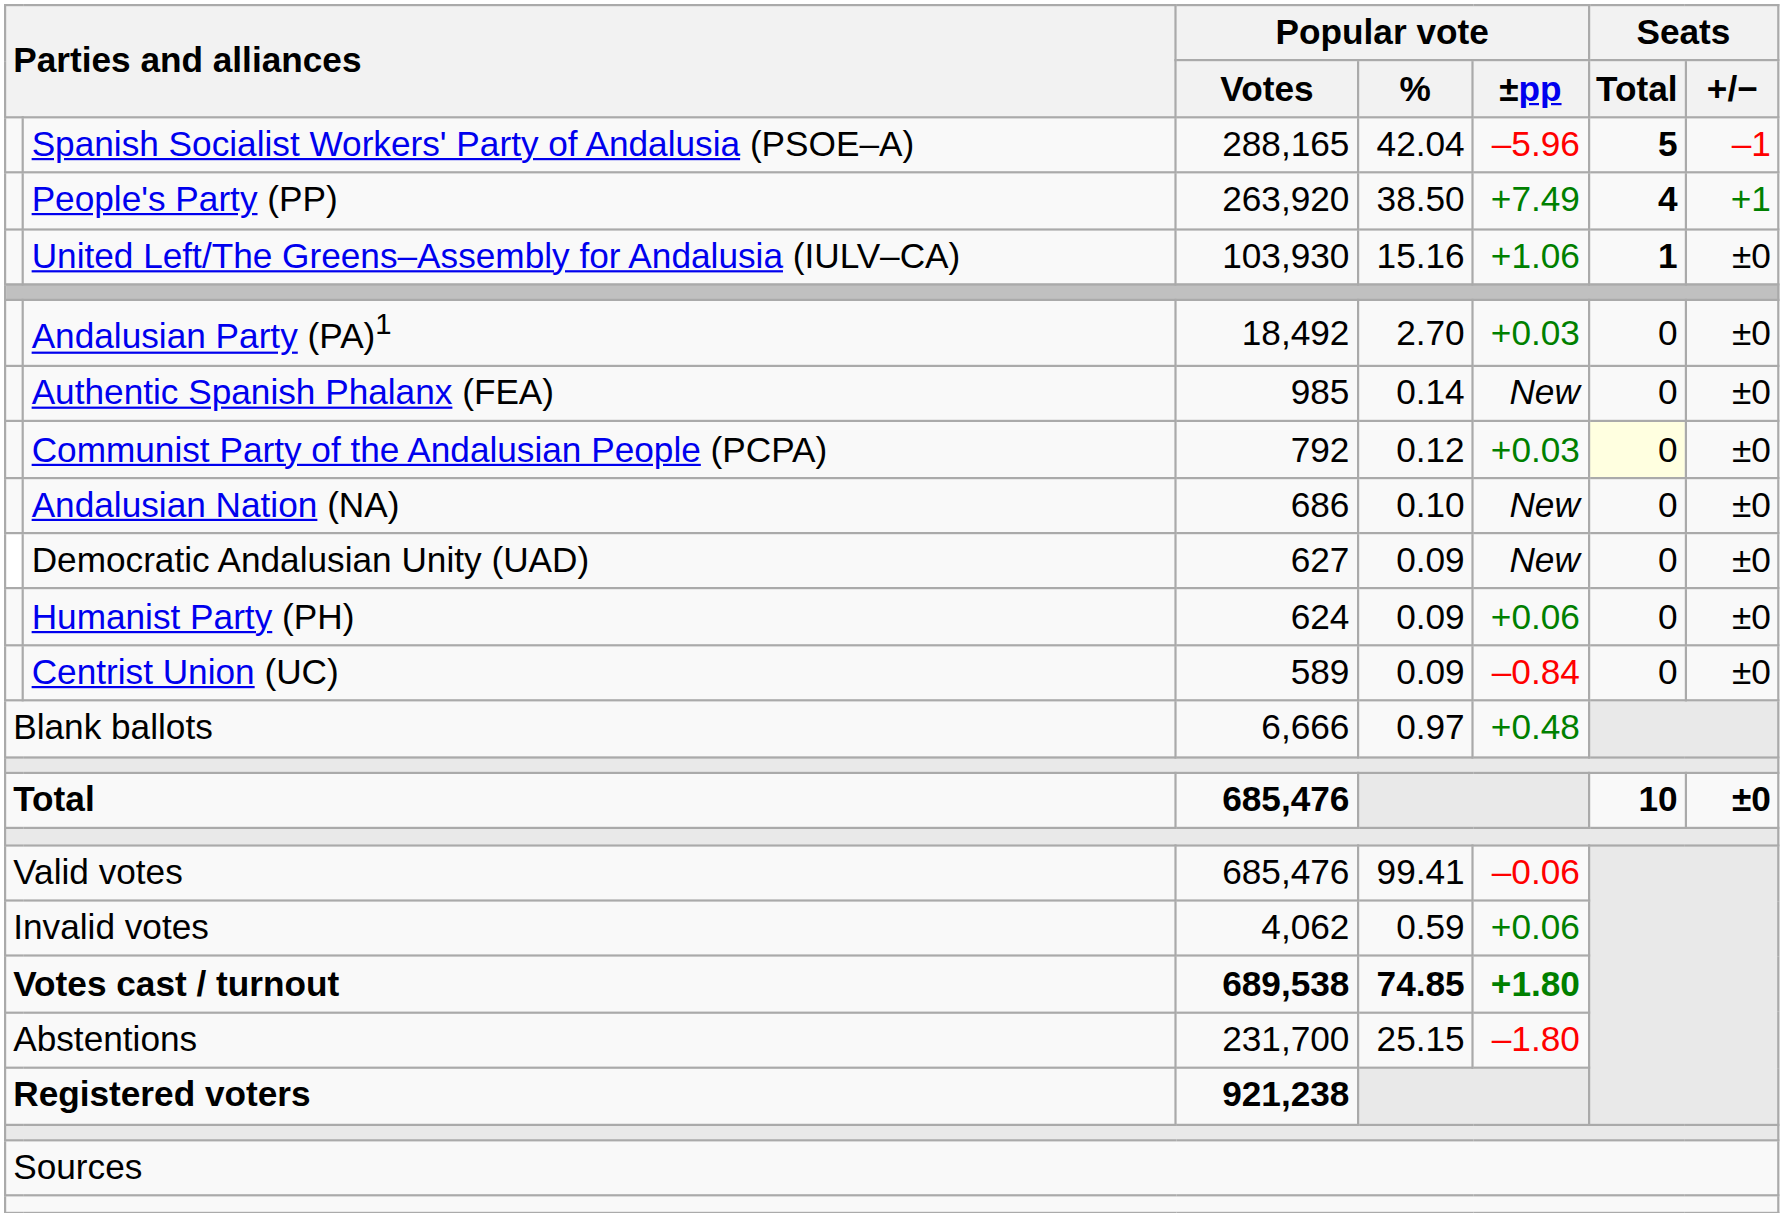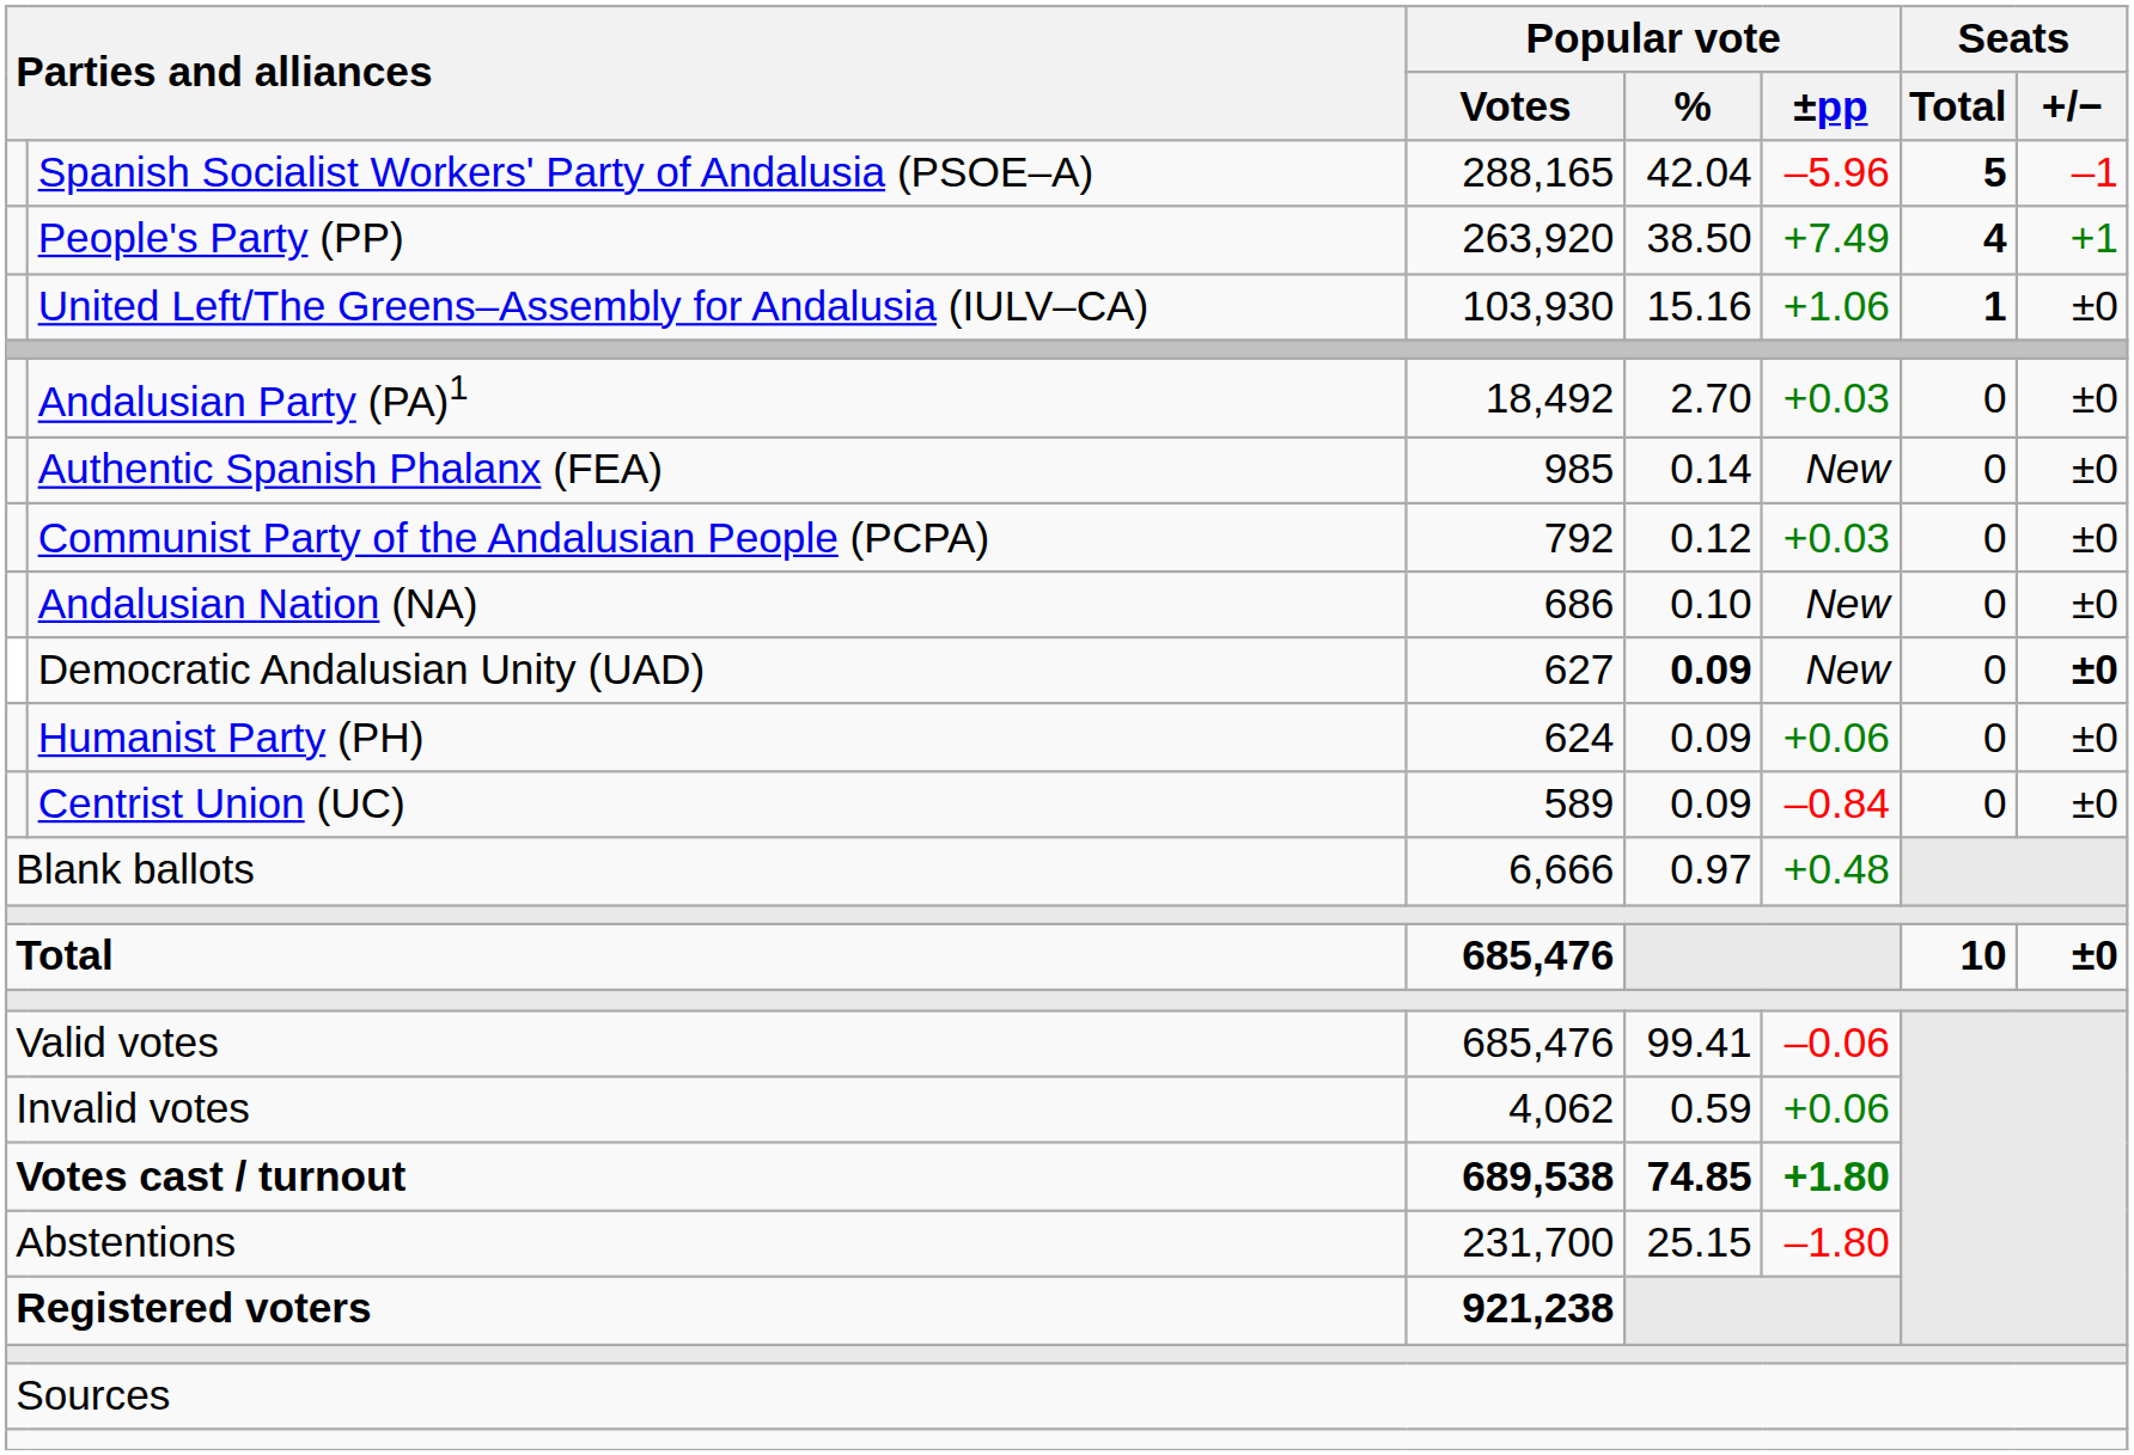 <table class="wikitable" style="text-align:right;">
 <tr>
 <th style="text-align:left;" rowspan="2" colspan="2" width="525">Parties and alliances</th>
 <th colspan="3">Popular vote</th>
 <th colspan="2">Seats</th>
 </tr>
 <tr>
 <th width="75">Votes</th>
 <th width="45">%</th>
 <th width="45">±<a href='#'>pp</a></th>
 <th width="35">Total</th>
 <th width="35">+/−</th>
 </tr>
 <tr>
 <td width="1" style="color:inherit;background:"></td>
 <td align="left"><a href='#'>Spanish Socialist Workers' Party of Andalusia</a> (PSOE–A)</td>
 <td>288,165</td>
 <td>42.04</td>
 <td style="color:red;">–5.96</td>
 <td><strong>5</strong></td>
 <td style="color:red;">–1</td>
 </tr>
 <tr>
 <td style="color:inherit;background:"></td>
 <td align="left"><a href='#'>People's Party</a> (PP)</td>
 <td>263,920</td>
 <td>38.50</td>
 <td style="color:green;">+7.49</td>
 <td><strong>4</strong></td>
 <td style="color:green;">+1</td>
 </tr>
 <tr>
 <td style="color:inherit;background:"></td>
 <td align="left"><a href='#'>United Left/The Greens–Assembly for Andalusia</a> (IULV–CA)</td>
 <td>103,930</td>
 <td>15.16</td>
 <td style="color:green;">+1.06</td>
 <td><strong>1</strong></td>
 <td>±0</td>
 </tr>
 <tr>
 <td colspan="7" bgcolor="#C0C0C0"></td>
 </tr>
 <tr>
 <td style="color:inherit;background:"></td>
 <td align="left"><a href='#'>Andalusian Party</a> (PA)<sup>1</sup></td>
 <td>18,492</td>
 <td>2.70</td>
 <td style="color:green;">+0.03</td>
 <td>0</td>
 <td>±0</td>
 </tr>
 <tr>
 <td style="color:inherit;background:"></td>
 <td align="left"><a href='#'>Authentic Spanish Phalanx</a> (FEA)</td>
 <td>985</td>
 <td>0.14</td>
 <td><em>New</em></td>
 <td>0</td>
 <td>±0</td>
 </tr>
 <tr>
 <td style="color:inherit;background:"></td>
 <td align="left"><a href='#'>Communist Party of the Andalusian People</a> (PCPA)</td>
 <td>792</td>
 <td>0.12</td>
 <td style="color:green;">+0.03</td>
-<td style="background: lightyellow;">0</td>
+<td>0</td>
 <td>±0</td>
 </tr>
 <tr>
 <td style="color:inherit;background:"></td>
 <td align="left"><a href='#'>Andalusian Nation</a> (NA)</td>
 <td>686</td>
 <td>0.10</td>
 <td><em>New</em></td>
 <td>0</td>
 <td>±0</td>
 </tr>
 <tr>
 <td bgcolor="white"></td>
 <td align="left">Democratic Andalusian Unity (UAD)</td>
 <td>627</td>
-<td>0.09</td>
+<td><strong>0.09</strong></td>
 <td><em>New</em></td>
 <td>0</td>
-<td>±0</td>
+<td><strong>±0</strong></td>
 </tr>
 <tr>
 <td style="color:inherit;background:"></td>
 <td align="left"><a href='#'>Humanist Party</a> (PH)</td>
 <td>624</td>
 <td>0.09</td>
 <td style="color:green;">+0.06</td>
 <td>0</td>
 <td>±0</td>
 </tr>
 <tr>
 <td style="color:inherit;background:"></td>
 <td align="left"><a href='#'>Centrist Union</a> (UC)</td>
 <td>589</td>
 <td>0.09</td>
 <td style="color:red;">–0.84</td>
 <td>0</td>
 <td>±0</td>
 </tr>
 <tr>
 <td align="left" colspan="2">Blank ballots</td>
 <td>6,666</td>
 <td>0.97</td>
 <td style="color:green;">+0.48</td>
 <td bgcolor="#E9E9E9" colspan="2"></td>
 </tr>
 <tr>
 <td colspan="7" bgcolor="#E9E9E9"></td>
 </tr>
 <tr style="font-weight:bold;">
 <td align="left" colspan="2">Total</td>
 <td>685,476</td>
 <td bgcolor="#E9E9E9" colspan="2"></td>
 <td>10</td>
 <td>±0</td>
 </tr>
 <tr>
 <td colspan="7" bgcolor="#E9E9E9"></td>
 </tr>
 <tr>
 <td align="left" colspan="2">Valid votes</td>
 <td>685,476</td>
 <td>99.41</td>
 <td style="color:red;">–0.06</td>
 <td bgcolor="#E9E9E9" colspan="2" rowspan="5"></td>
 </tr>
 <tr>
 <td align="left" colspan="2">Invalid votes</td>
 <td>4,062</td>
 <td>0.59</td>
 <td style="color:green;">+0.06</td>
 </tr>
 <tr style="font-weight:bold;">
 <td align="left" colspan="2">Votes cast / turnout</td>
 <td>689,538</td>
 <td>74.85</td>
 <td style="color:green;">+1.80</td>
 </tr>
 <tr>
 <td align="left" colspan="2">Abstentions</td>
 <td>231,700</td>
 <td>25.15</td>
 <td style="color:red;">–1.80</td>
 </tr>
 <tr style="font-weight:bold;">
 <td align="left" colspan="2">Registered voters</td>
 <td>921,238</td>
 <td bgcolor="#E9E9E9" colspan="2"></td>
 </tr>
 <tr>
 <td colspan="7" bgcolor="#E9E9E9"></td>
 </tr>
 <tr>
 <td align="left" colspan="7">Sources</td>
 </tr>
 <tr>
 <td colspan="7" style="text-align:left; max-width:790px;"></td>
 </tr>
 </table>
